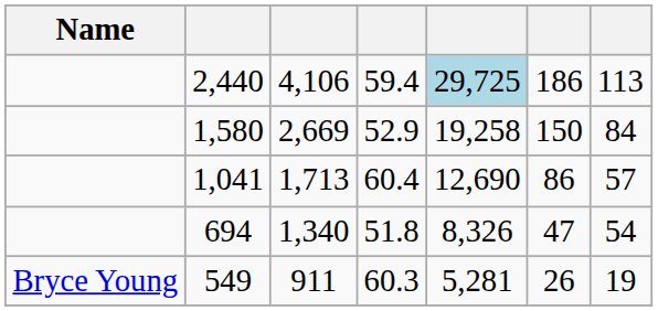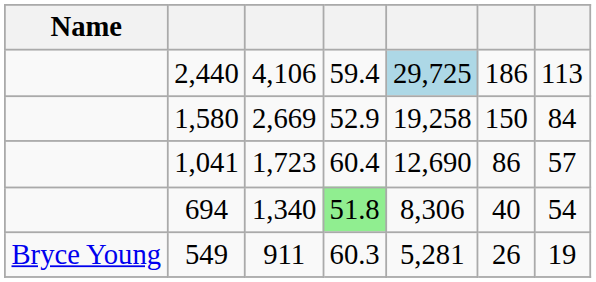 <table class="wikitable sortable" style="text-align:center">
 <tr>
 <th>Name</th>
 <th></th>
 <th></th>
 <th></th>
 <th></th>
 <th></th>
 <th></th>
 </tr>
 <tr>
 <td></td>
 <td>2,440</td>
 <td>4,106</td>
 <td>59.4</td>
 <td style="background: lightblue;">29,725</td>
 <td>186</td>
 <td>113</td>
 </tr>
 <tr>
 <td></td>
 <td>1,580</td>
 <td>2,669</td>
 <td>52.9</td>
 <td>19,258</td>
 <td>150</td>
 <td>84</td>
 </tr>
 <tr>
 <td></td>
 <td>1,041</td>
-<td>1,713</td>
+<td>1,723</td>
 <td>60.4</td>
 <td>12,690</td>
 <td>86</td>
 <td>57</td>
 </tr>
 <tr>
 <td></td>
 <td>694</td>
 <td>1,340</td>
-<td>51.8</td>
-<td>8,326</td>
-<td>47</td>
+<td style="background: lightgreen;">51.8</td>
+<td>8,306</td>
+<td>40</td>
 <td>54</td>
 </tr>
 <tr>
 <td><a href='#'>Bryce Young</a></td>
 <td>549</td>
 <td>911</td>
 <td>60.3</td>
 <td>5,281</td>
 <td>26</td>
 <td>19</td>
 </tr>
 </table>
